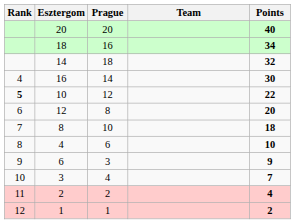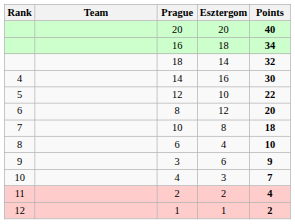 <table class="wikitable" style="text-align: center;">
 <tr>
 <th width=40>Rank</th>
+<th width=180>Team</th>
+<th width=55>Prague</th>
 <th width=55>Esztergom</th>
-<th width=55>Prague</th>
-<th width=180>Team</th>
 <th width=55>Points</th>
 </tr>
 <tr bgcolor=ccffcc>
 <td></td>
+<td align=left></td>
 <td>20</td>
 <td>20</td>
-<td align=left></td>
 <td><strong>40</strong></td>
 </tr>
 <tr bgcolor=ccffcc>
 <td></td>
+<td align=left></td>
+<td>16</td>
 <td>18</td>
-<td>16</td>
-<td align=left></td>
 <td><strong>34</strong></td>
 </tr>
 <tr>
 <td></td>
+<td align=left></td>
+<td>18</td>
 <td>14</td>
-<td>18</td>
-<td align=left></td>
 <td><strong>32</strong></td>
 </tr>
 <tr>
 <td>4</td>
+<td align=left></td>
+<td>14</td>
 <td>16</td>
-<td>14</td>
-<td align=left></td>
 <td><strong>30</strong></td>
 </tr>
 <tr>
-<td><strong>5</strong></td>
+<td>5</td>
+<td align=left></td>
+<td>12</td>
 <td>10</td>
-<td>12</td>
-<td align=left></td>
 <td><strong>22</strong></td>
 </tr>
 <tr>
 <td>6</td>
+<td align=left></td>
+<td>8</td>
 <td>12</td>
-<td>8</td>
-<td align=left></td>
 <td><strong>20</strong></td>
 </tr>
 <tr>
 <td>7</td>
+<td align=left></td>
+<td>10</td>
 <td>8</td>
-<td>10</td>
-<td align=left></td>
 <td><strong>18</strong></td>
 </tr>
 <tr>
 <td>8</td>
+<td align=left></td>
+<td>6</td>
 <td>4</td>
-<td>6</td>
-<td align=left></td>
 <td><strong>10</strong></td>
 </tr>
 <tr>
 <td>9</td>
+<td align=left></td>
+<td>3</td>
 <td>6</td>
-<td>3</td>
-<td align=left></td>
 <td><strong>9</strong></td>
 </tr>
 <tr>
 <td>10</td>
+<td align=left></td>
+<td>4</td>
 <td>3</td>
-<td>4</td>
-<td align=left></td>
 <td><strong>7</strong></td>
 </tr>
 <tr bgcolor=ffcccc>
 <td>11</td>
+<td align=left></td>
 <td>2</td>
 <td>2</td>
-<td align=left></td>
 <td><strong>4</strong></td>
 </tr>
 <tr bgcolor=ffcccc>
 <td>12</td>
+<td align=left></td>
 <td>1</td>
 <td>1</td>
-<td align=left></td>
 <td><strong>2</strong></td>
 </tr>
 </table>
